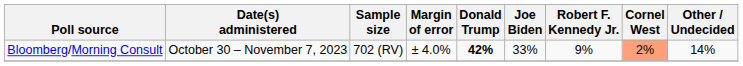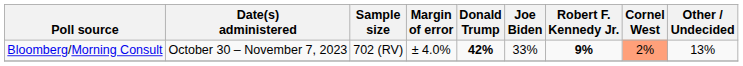 <table class="wikitable sortable mw-datatable" style="font-size:90%;text-align:center;line-height:17px">
 <tr valign=bottom>
 <th>Poll source</th>
 <th>Date(s)<br>administered</th>
 <th>Sample<br>size</th>
 <th>Margin<br>of error</th>
 <th class="unsortable">Donald<br>Trump<br></th>
 <th class="unsortable">Joe<br>Biden<br></th>
 <th class="unsortable">Robert F.<br>Kennedy Jr.<br></th>
 <th class="unsortable">Cornel<br>West<br></th>
 <th class="unsortable">Other /<br>Undecided</th>
 </tr>
 <tr>
 <td style="text-align:left;"><a href='#'>Bloomberg</a>/<a href='#'>Morning Consult</a></td>
 <td data-sort-value="2023-11-09">October 30 – November 7, 2023</td>
 <td>702 (RV)</td>
 <td>± 4.0%</td>
 <td style="background-color:"><strong>42%</strong></td>
 <td>33%</td>
-<td>9%</td>
+<td><strong>9%</strong></td>
 <td style="background: lightsalmon;">2%</td>
-<td>14%</td>
+<td>13%</td>
 </tr>
 <tr>
 </tr>
 </table>
